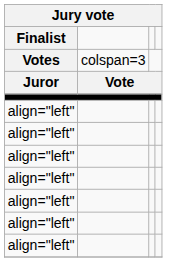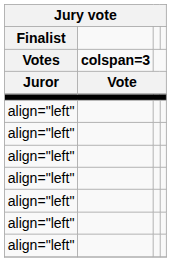 <table class="wikitable" style="text-align:center;">
 <tr>
 <th colspan=4>Jury vote</th>
 </tr>
 <tr>
 <th>Finalist</th>
 <td></td>
 <td></td>
 <td></td>
 </tr>
 <tr>
 <th>Votes</th>
-<td>colspan=3 </td>
+<td><strong>colspan=3 </strong></td>
 </tr>
 <tr>
 <th>Juror</th>
 <th colspan="3">Vote</th>
 </tr>
 <tr>
 <td bgcolor=black colspan=4></td>
 </tr>
 <tr>
 <td>align="left" </td>
 <td></td>
 <td></td>
 <td></td>
 </tr>
 <tr>
 <td>align="left" </td>
 <td></td>
 <td></td>
 <td></td>
 </tr>
 <tr>
 <td>align="left" </td>
 <td></td>
 <td></td>
 <td></td>
 </tr>
 <tr>
 <td>align="left"  </td>
 <td></td>
 <td></td>
 <td></td>
 </tr>
 <tr>
 <td>align="left" </td>
 <td></td>
 <td></td>
 <td></td>
 </tr>
 <tr>
 <td>align="left" </td>
 <td></td>
 <td></td>
 <td></td>
 </tr>
 <tr>
 <td>align="left" </td>
 <td></td>
 <td></td>
 <td></td>
 </tr>
 <tr>
 </tr>
 </table>
